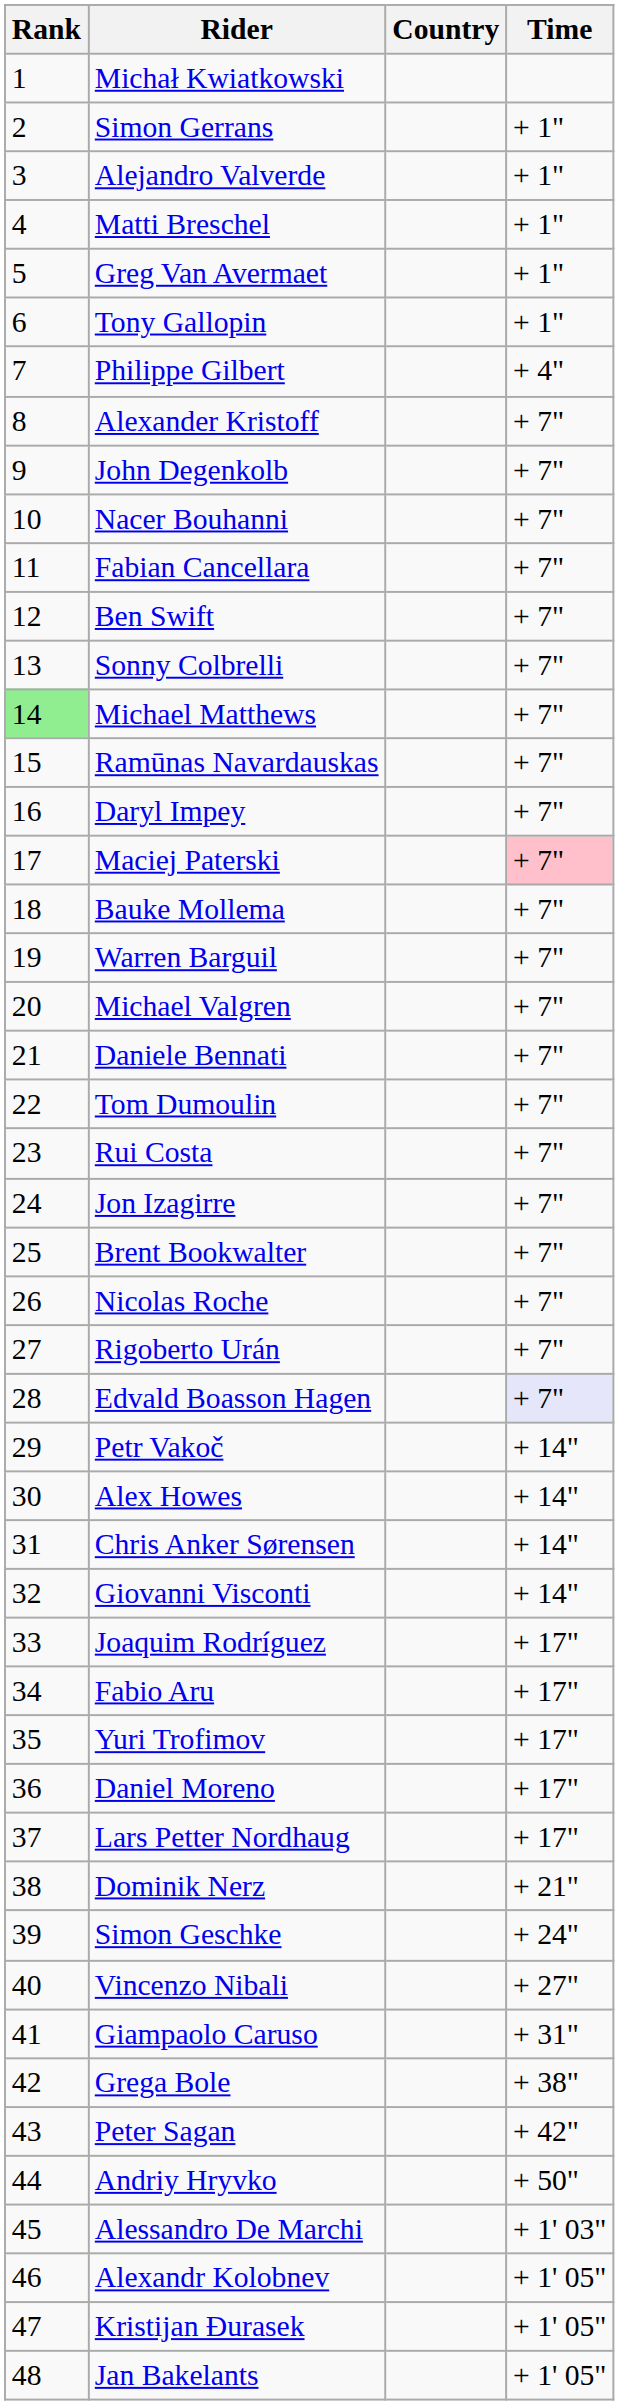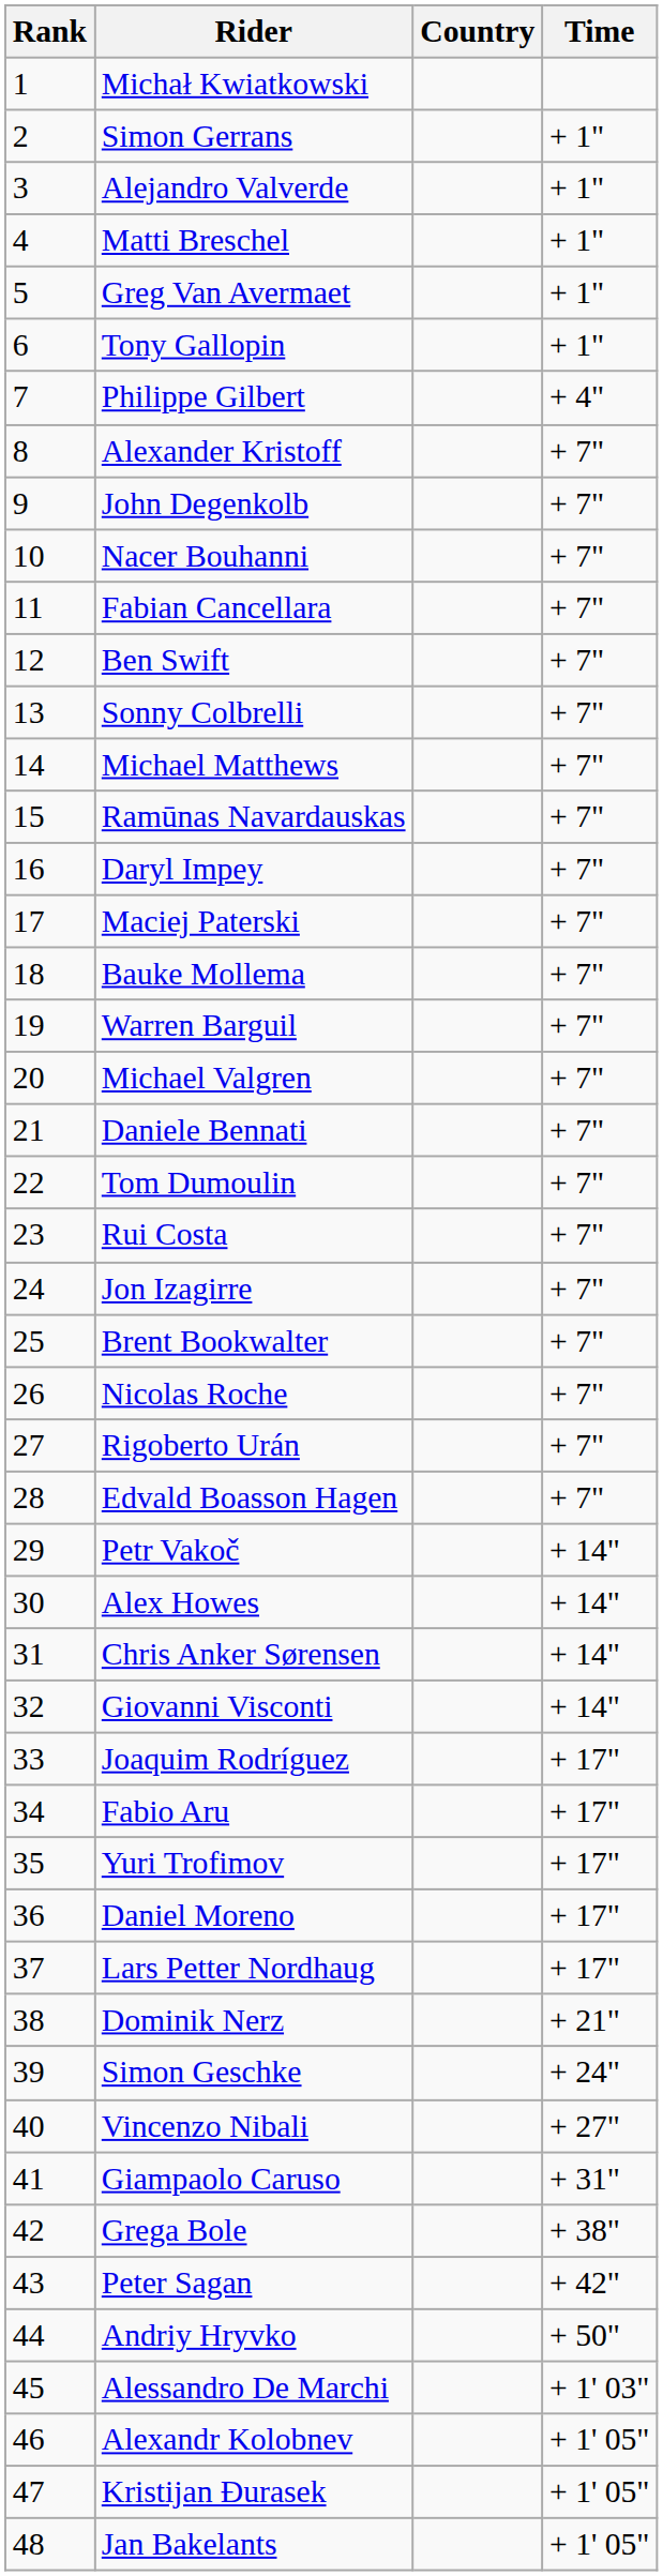 <table class="wikitable" style="font-size:95%; text-align:left;">
 <tr>
 <th>Rank</th>
 <th>Rider</th>
 <th>Country</th>
 <th>Time</th>
 </tr>
 <tr>
 <td>1</td>
 <td><a href='#'>Michał Kwiatkowski</a></td>
 <td></td>
 <td></td>
 </tr>
 <tr>
 <td>2</td>
 <td><a href='#'>Simon Gerrans</a></td>
 <td></td>
 <td>+ 1"</td>
 </tr>
 <tr>
 <td>3</td>
 <td><a href='#'>Alejandro Valverde</a></td>
 <td></td>
 <td>+ 1"</td>
 </tr>
 <tr>
 <td>4</td>
 <td><a href='#'>Matti Breschel</a></td>
 <td></td>
 <td>+ 1"</td>
 </tr>
 <tr>
 <td>5</td>
 <td><a href='#'>Greg Van Avermaet</a></td>
 <td></td>
 <td>+ 1"</td>
 </tr>
 <tr>
 <td>6</td>
 <td><a href='#'>Tony Gallopin</a></td>
 <td></td>
 <td>+ 1"</td>
 </tr>
 <tr>
 <td>7</td>
 <td><a href='#'>Philippe Gilbert</a></td>
 <td></td>
 <td>+ 4"</td>
 </tr>
 <tr>
 <td>8</td>
 <td><a href='#'>Alexander Kristoff</a></td>
 <td></td>
 <td>+ 7"</td>
 </tr>
 <tr>
 <td>9</td>
 <td><a href='#'>John Degenkolb</a></td>
 <td></td>
 <td>+ 7"</td>
 </tr>
 <tr>
 <td>10</td>
 <td><a href='#'>Nacer Bouhanni</a></td>
 <td></td>
 <td>+ 7"</td>
 </tr>
 <tr>
 <td>11</td>
 <td><a href='#'>Fabian Cancellara</a></td>
 <td></td>
 <td>+ 7"</td>
 </tr>
 <tr>
 <td>12</td>
 <td><a href='#'>Ben Swift</a></td>
 <td></td>
 <td>+ 7"</td>
 </tr>
 <tr>
 <td>13</td>
 <td><a href='#'>Sonny Colbrelli</a></td>
 <td></td>
 <td>+ 7"</td>
 </tr>
 <tr>
-<td style="background: lightgreen;">14</td>
+<td>14</td>
 <td><a href='#'>Michael Matthews</a></td>
 <td></td>
 <td>+ 7"</td>
 </tr>
 <tr>
 <td>15</td>
 <td><a href='#'>Ramūnas Navardauskas</a></td>
 <td></td>
 <td>+ 7"</td>
 </tr>
 <tr>
 <td>16</td>
 <td><a href='#'>Daryl Impey</a></td>
 <td></td>
 <td>+ 7"</td>
 </tr>
 <tr>
 <td>17</td>
 <td><a href='#'>Maciej Paterski</a></td>
 <td></td>
-<td style="background: pink;">+ 7"</td>
+<td>+ 7"</td>
 </tr>
 <tr>
 <td>18</td>
 <td><a href='#'>Bauke Mollema</a></td>
 <td></td>
 <td>+ 7"</td>
 </tr>
 <tr>
 <td>19</td>
 <td><a href='#'>Warren Barguil</a></td>
 <td></td>
 <td>+ 7"</td>
 </tr>
 <tr>
 <td>20</td>
 <td><a href='#'>Michael Valgren</a></td>
 <td></td>
 <td>+ 7"</td>
 </tr>
 <tr>
 <td>21</td>
 <td><a href='#'>Daniele Bennati</a></td>
 <td></td>
 <td>+ 7"</td>
 </tr>
 <tr>
 <td>22</td>
 <td><a href='#'>Tom Dumoulin</a></td>
 <td></td>
 <td>+ 7"</td>
 </tr>
 <tr>
 <td>23</td>
 <td><a href='#'>Rui Costa</a></td>
 <td></td>
 <td>+ 7"</td>
 </tr>
 <tr>
 <td>24</td>
 <td><a href='#'>Jon Izagirre</a></td>
 <td></td>
 <td>+ 7"</td>
 </tr>
 <tr>
 <td>25</td>
 <td><a href='#'>Brent Bookwalter</a></td>
 <td></td>
 <td>+ 7"</td>
 </tr>
 <tr>
 <td>26</td>
 <td><a href='#'>Nicolas Roche</a></td>
 <td></td>
 <td>+ 7"</td>
 </tr>
 <tr>
 <td>27</td>
 <td><a href='#'>Rigoberto Urán</a></td>
 <td></td>
 <td>+ 7"</td>
 </tr>
 <tr>
 <td>28</td>
 <td><a href='#'>Edvald Boasson Hagen</a></td>
 <td></td>
-<td style="background: lavender;">+ 7"</td>
+<td>+ 7"</td>
 </tr>
 <tr>
 <td>29</td>
 <td><a href='#'>Petr Vakoč</a></td>
 <td></td>
 <td>+ 14"</td>
 </tr>
 <tr>
 <td>30</td>
 <td><a href='#'>Alex Howes</a></td>
 <td></td>
 <td>+ 14"</td>
 </tr>
 <tr>
 <td>31</td>
 <td><a href='#'>Chris Anker Sørensen</a></td>
 <td></td>
 <td>+ 14"</td>
 </tr>
 <tr>
 <td>32</td>
 <td><a href='#'>Giovanni Visconti</a></td>
 <td></td>
 <td>+ 14"</td>
 </tr>
 <tr>
 <td>33</td>
 <td><a href='#'>Joaquim Rodríguez</a></td>
 <td></td>
 <td>+ 17"</td>
 </tr>
 <tr>
 <td>34</td>
 <td><a href='#'>Fabio Aru</a></td>
 <td></td>
 <td>+ 17"</td>
 </tr>
 <tr>
 <td>35</td>
 <td><a href='#'>Yuri Trofimov</a></td>
 <td></td>
 <td>+ 17"</td>
 </tr>
 <tr>
 <td>36</td>
 <td><a href='#'>Daniel Moreno</a></td>
 <td></td>
 <td>+ 17"</td>
 </tr>
 <tr>
 <td>37</td>
 <td><a href='#'>Lars Petter Nordhaug</a></td>
 <td></td>
 <td>+ 17"</td>
 </tr>
 <tr>
 <td>38</td>
 <td><a href='#'>Dominik Nerz</a></td>
 <td></td>
 <td>+ 21"</td>
 </tr>
 <tr>
 <td>39</td>
 <td><a href='#'>Simon Geschke</a></td>
 <td></td>
 <td>+ 24"</td>
 </tr>
 <tr>
 <td>40</td>
 <td><a href='#'>Vincenzo Nibali</a></td>
 <td></td>
 <td>+ 27"</td>
 </tr>
 <tr>
 <td>41</td>
 <td><a href='#'>Giampaolo Caruso</a></td>
 <td></td>
 <td>+ 31"</td>
 </tr>
 <tr>
 <td>42</td>
 <td><a href='#'>Grega Bole</a></td>
 <td></td>
 <td>+ 38"</td>
 </tr>
 <tr>
 <td>43</td>
 <td><a href='#'>Peter Sagan</a></td>
 <td></td>
 <td>+ 42"</td>
 </tr>
 <tr>
 <td>44</td>
 <td><a href='#'>Andriy Hryvko</a></td>
 <td></td>
 <td>+ 50"</td>
 </tr>
 <tr>
 <td>45</td>
 <td><a href='#'>Alessandro De Marchi</a></td>
 <td></td>
 <td>+ 1' 03"</td>
 </tr>
 <tr>
 <td>46</td>
 <td><a href='#'>Alexandr Kolobnev</a></td>
 <td></td>
 <td>+ 1' 05"</td>
 </tr>
 <tr>
 <td>47</td>
 <td><a href='#'>Kristijan Đurasek</a></td>
 <td></td>
 <td>+ 1' 05"</td>
 </tr>
 <tr>
 <td>48</td>
 <td><a href='#'>Jan Bakelants</a></td>
 <td></td>
 <td>+ 1' 05"</td>
 </tr>
 </table>
